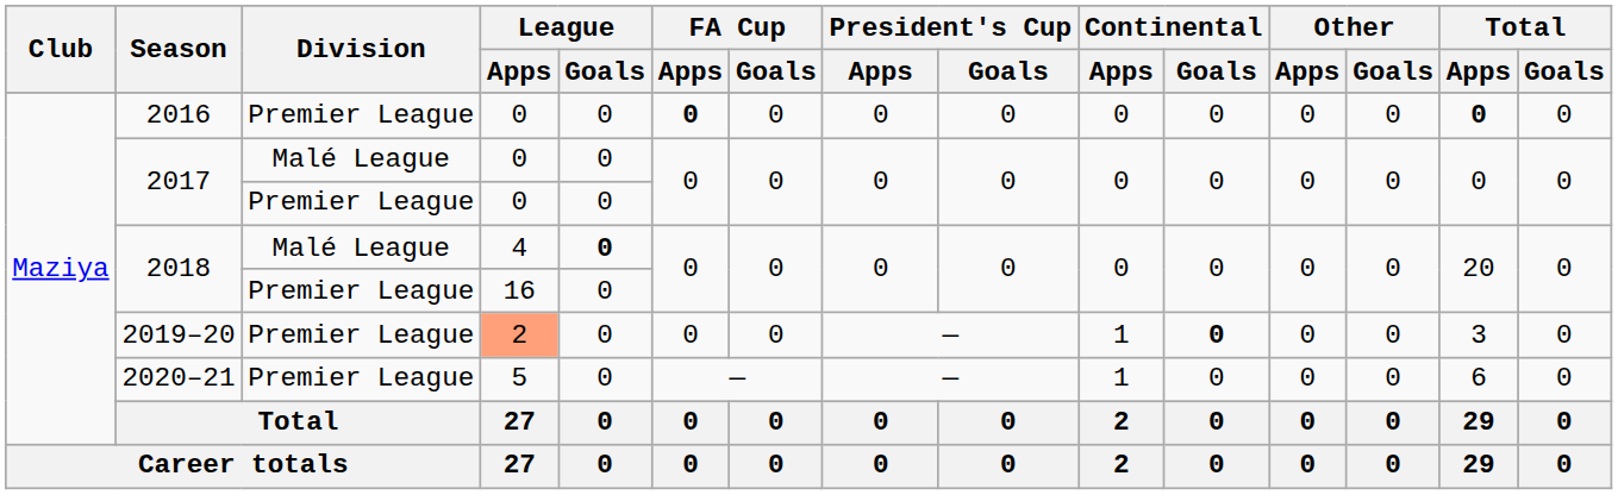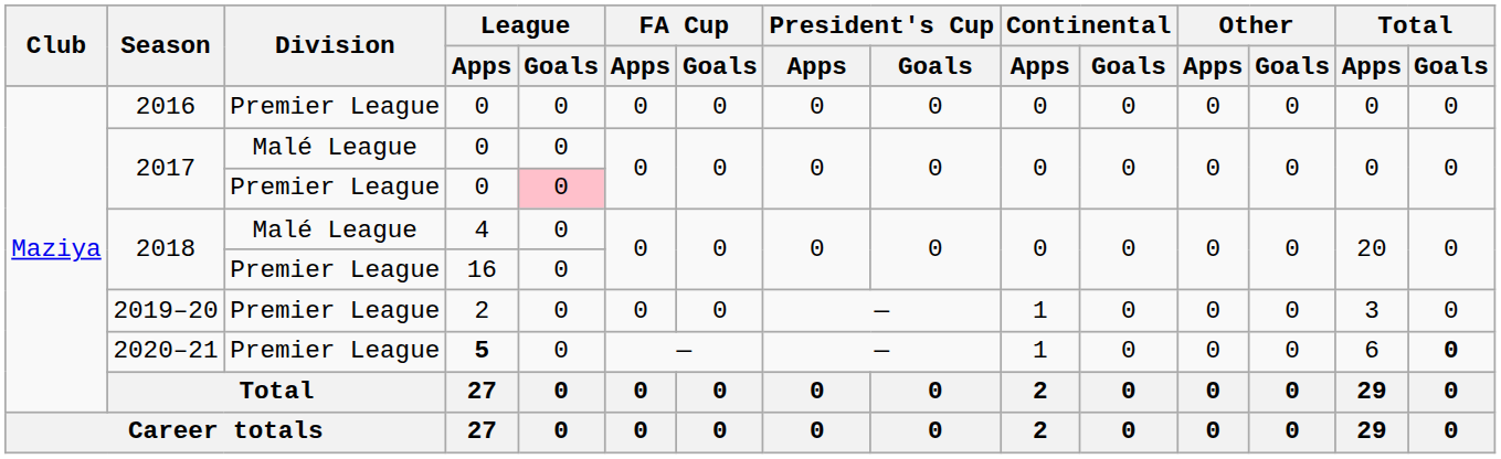 <table class="wikitable" style="text-align: center">
 <tr>
 <th rowspan="2">Club</th>
 <th rowspan="2">Season</th>
 <th rowspan="2">Division</th>
 <th colspan="2">League</th>
 <th colspan="2">FA Cup</th>
 <th colspan="2">President's Cup</th>
 <th colspan="2">Continental</th>
 <th colspan="2">Other</th>
 <th colspan="2">Total</th>
 </tr>
 <tr>
 <th>Apps</th>
 <th>Goals</th>
 <th>Apps</th>
 <th>Goals</th>
 <th>Apps</th>
 <th>Goals</th>
 <th>Apps</th>
 <th>Goals</th>
 <th>Apps</th>
 <th>Goals</th>
 <th>Apps</th>
 <th>Goals</th>
 </tr>
 <tr>
 <td rowspan="8"><a href='#'>Maziya</a></td>
 <td>2016</td>
 <td>Premier League</td>
 <td>0</td>
 <td>0</td>
-<td><strong>0</strong></td>
 <td>0</td>
 <td>0</td>
 <td>0</td>
 <td>0</td>
 <td>0</td>
 <td>0</td>
 <td>0</td>
-<td><strong>0</strong></td>
+<td>0</td>
+<td>0</td>
 <td>0</td>
 </tr>
 <tr>
 <td rowspan="2">2017</td>
 <td>Malé League</td>
 <td>0</td>
 <td>0</td>
 <td rowspan="2">0</td>
 <td rowspan="2">0</td>
 <td rowspan="2">0</td>
 <td rowspan="2">0</td>
 <td rowspan="2">0</td>
 <td rowspan="2">0</td>
 <td rowspan="2">0</td>
 <td rowspan="2">0</td>
 <td rowspan="2">0</td>
 <td rowspan="2">0</td>
 </tr>
 <tr>
 <td>Premier League</td>
 <td>0</td>
-<td>0</td>
+<td style="background: pink;">0</td>
 </tr>
 <tr>
 <td rowspan="2">2018</td>
 <td>Malé League</td>
 <td>4</td>
-<td><strong>0</strong></td>
+<td>0</td>
 <td rowspan="2">0</td>
 <td rowspan="2">0</td>
 <td rowspan="2">0</td>
 <td rowspan="2">0</td>
 <td rowspan="2">0</td>
 <td rowspan="2">0</td>
 <td rowspan="2">0</td>
 <td rowspan="2">0</td>
 <td rowspan="2">20</td>
 <td rowspan="2">0</td>
 </tr>
 <tr>
 <td>Premier League</td>
 <td>16</td>
 <td>0</td>
 </tr>
 <tr>
 <td>2019–20</td>
 <td>Premier League</td>
-<td style="background: lightsalmon;">2</td>
+<td>2</td>
 <td>0</td>
 <td>0</td>
 <td>0</td>
 <td colspan="2">—</td>
 <td>1</td>
-<td><strong>0</strong></td>
+<td>0</td>
 <td>0</td>
 <td>0</td>
 <td>3</td>
 <td>0</td>
 </tr>
 <tr>
 <td>2020–21</td>
 <td>Premier League</td>
-<td>5</td>
+<td><strong>5</strong></td>
 <td>0</td>
 <td colspan="2">—</td>
 <td colspan="2">—</td>
 <td>1</td>
 <td>0</td>
 <td>0</td>
 <td>0</td>
 <td>6</td>
-<td>0</td>
+<td><strong>0</strong></td>
 </tr>
 <tr>
 <th colspan="2">Total</th>
 <th>27</th>
 <th>0</th>
 <th>0</th>
 <th>0</th>
 <th>0</th>
 <th>0</th>
 <th>2</th>
 <th>0</th>
 <th>0</th>
 <th>0</th>
 <th>29</th>
 <th>0</th>
 </tr>
 <tr>
 <th colspan=3>Career totals</th>
 <th>27</th>
 <th>0</th>
 <th>0</th>
 <th>0</th>
 <th>0</th>
 <th>0</th>
 <th>2</th>
 <th>0</th>
 <th>0</th>
 <th>0</th>
 <th>29</th>
 <th>0</th>
 </tr>
 </table>
